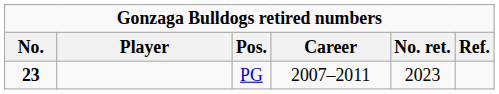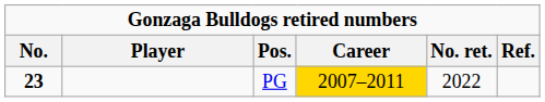 <table class="wikitable sortable" style="text-align:center">
 <tr>
 <td colspan=6><strong>Gonzaga Bulldogs retired numbers</strong></td>
 </tr>
 <tr>
 <th width=40px>No.</th>
 <th width=150px>Player</th>
 <th width=px>Pos.</th>
 <th width=100px>Career</th>
 <th width=px>No. ret.</th>
 <th width=px>Ref.</th>
 </tr>
 <tr>
 <td><strong>23</strong></td>
 <td></td>
 <td><a href='#'>PG</a></td>
-<td>2007–2011</td>
-<td>2023</td>
+<td style="background: gold;">2007–2011</td>
+<td>2022</td>
 <td></td>
 </tr>
 </table>
